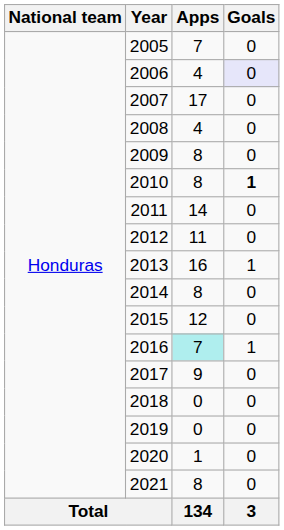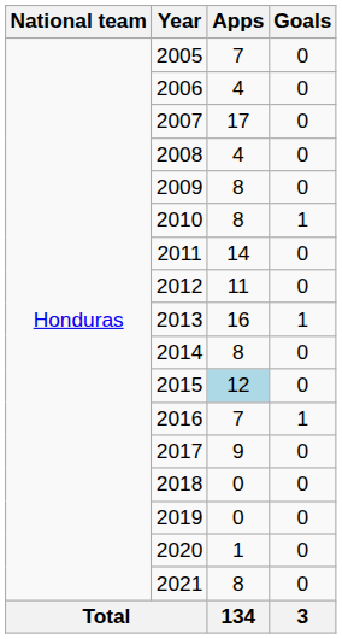 <table class="wikitable" style="text-align: center">
 <tr>
 <th>National team</th>
 <th>Year</th>
 <th>Apps</th>
 <th>Goals</th>
 </tr>
 <tr>
 <td rowspan="17"><a href='#'>Honduras</a></td>
 <td>2005</td>
 <td>7</td>
 <td>0</td>
 </tr>
 <tr>
 <td>2006</td>
 <td>4</td>
-<td style="background: lavender;">0</td>
+<td>0</td>
 </tr>
 <tr>
 <td>2007</td>
 <td>17</td>
 <td>0</td>
 </tr>
 <tr>
 <td>2008</td>
 <td>4</td>
 <td>0</td>
 </tr>
 <tr>
 <td>2009</td>
 <td>8</td>
 <td>0</td>
 </tr>
 <tr>
 <td>2010</td>
 <td>8</td>
-<td><strong>1</strong></td>
+<td>1</td>
 </tr>
 <tr>
 <td>2011</td>
 <td>14</td>
 <td>0</td>
 </tr>
 <tr>
 <td>2012</td>
 <td>11</td>
 <td>0</td>
 </tr>
 <tr>
 <td>2013</td>
 <td>16</td>
 <td>1</td>
 </tr>
 <tr>
 <td>2014</td>
 <td>8</td>
 <td>0</td>
 </tr>
 <tr>
 <td>2015</td>
-<td>12</td>
+<td style="background: lightblue;">12</td>
 <td>0</td>
 </tr>
 <tr>
 <td>2016</td>
-<td style="background: paleturquoise;">7</td>
+<td>7</td>
 <td>1</td>
 </tr>
 <tr>
 <td>2017</td>
 <td>9</td>
 <td>0</td>
 </tr>
 <tr>
 <td>2018</td>
 <td>0</td>
 <td>0</td>
 </tr>
 <tr>
 <td>2019</td>
 <td>0</td>
 <td>0</td>
 </tr>
 <tr>
 <td>2020</td>
 <td>1</td>
 <td>0</td>
 </tr>
 <tr>
 <td>2021</td>
 <td>8</td>
 <td>0</td>
 </tr>
 <tr>
 <th colspan="2">Total</th>
 <th>134</th>
 <th>3</th>
 </tr>
 </table>
